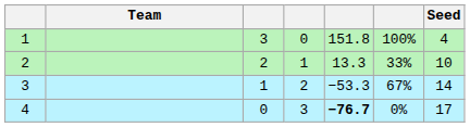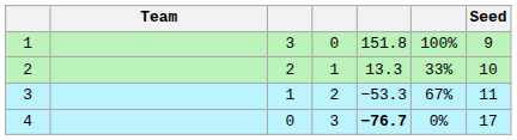 <table class="wikitable" style="text-align:center;font-size: 90%;">
 <tr>
 <th width="28px"></th>
 <th width="160px">Team</th>
 <th width="28px"></th>
 <th width="28px"></th>
 <th width="36px"></th>
 <th width="36px"></th>
 <th width="28px">Seed</th>
 </tr>
 <tr style="background-color:#BBF3BB;">
 <td>1</td>
 <td style="text-align:left;"></td>
 <td>3</td>
 <td>0</td>
 <td>151.8</td>
 <td>100%</td>
-<td>4</td>
+<td>9</td>
 </tr>
 <tr style="background-color:#BBF3BB;">
 <td>2</td>
 <td style="text-align:left;"></td>
 <td>2</td>
 <td>1</td>
 <td>13.3</td>
 <td>33%</td>
 <td>10</td>
 </tr>
 <tr style="background-color:#BBF3FF;">
 <td>3</td>
 <td style="text-align:left;"></td>
 <td>1</td>
 <td>2</td>
 <td>−53.3</td>
 <td>67%</td>
-<td>14</td>
+<td>11</td>
 </tr>
 <tr style="background-color:#BBF3FF;">
 <td>4</td>
 <td style="text-align:left;"></td>
 <td>0</td>
 <td>3</td>
 <td><strong>−76.7</strong></td>
 <td>0%</td>
 <td>17</td>
 </tr>
 </table>
